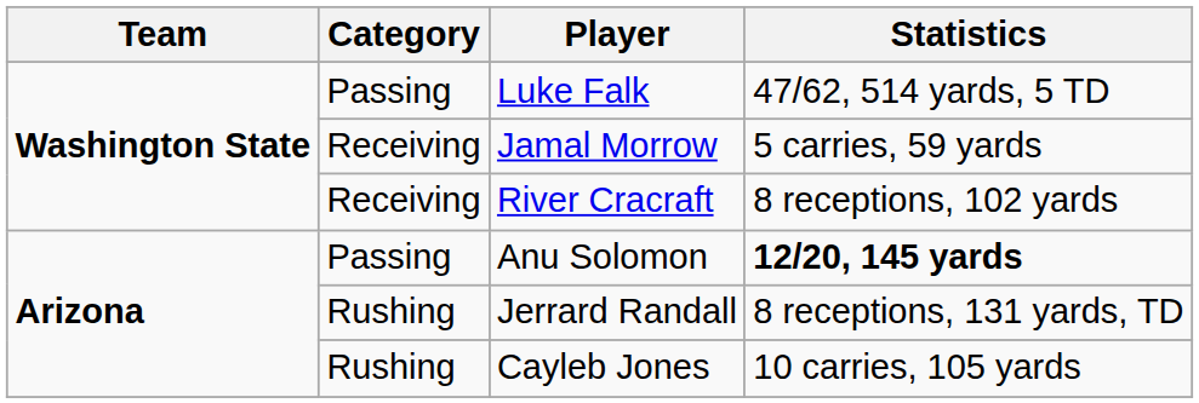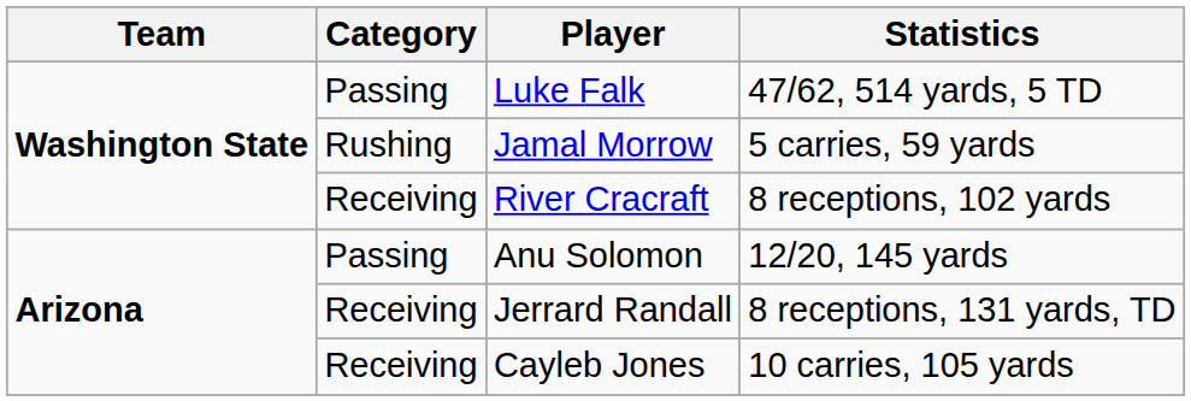 <table class="wikitable" style="float: right;">
 <tr>
 <th>Team</th>
 <th>Category</th>
 <th>Player</th>
 <th>Statistics</th>
 </tr>
 <tr>
 <td rowspan=3><strong>Washington State</strong></td>
 <td>Passing</td>
 <td><a href='#'>Luke Falk</a></td>
 <td>47/62, 514 yards, 5 TD</td>
 </tr>
 <tr>
-<td>Receiving</td>
+<td>Rushing</td>
 <td><a href='#'>Jamal Morrow</a></td>
 <td>5 carries, 59 yards</td>
 </tr>
 <tr>
 <td>Receiving</td>
 <td><a href='#'>River Cracraft</a></td>
 <td>8 receptions, 102 yards</td>
 </tr>
 <tr>
 <td rowspan=3><strong>Arizona</strong></td>
 <td>Passing</td>
 <td>Anu Solomon</td>
-<td><strong>12/20, 145 yards</strong></td>
+<td>12/20, 145 yards</td>
 </tr>
 <tr>
-<td>Rushing</td>
+<td>Receiving</td>
 <td>Jerrard Randall</td>
 <td>8 receptions, 131 yards, TD</td>
 </tr>
 <tr>
-<td>Rushing</td>
+<td>Receiving</td>
 <td>Cayleb Jones</td>
 <td>10 carries, 105 yards</td>
 </tr>
 </table>
